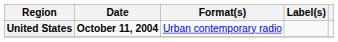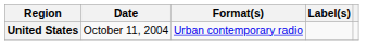 <table class="wikitable plainrowheaders" style="text-align:left">
 <tr>
 <th scope="col">Region</th>
 <th scope="col">Date</th>
 <th scope="col">Format(s)</th>
 <th scope="col">Label(s)</th>
 <th scope="col"></th>
 </tr>
 <tr>
 <th scope="row">United States</th>
-<td><strong>October 11, 2004</strong></td>
+<td>October 11, 2004</td>
 <td><a href='#'>Urban contemporary radio</a></td>
 <td></td>
 <td></td>
 </tr>
 <tr>
 </tr>
 </table>
